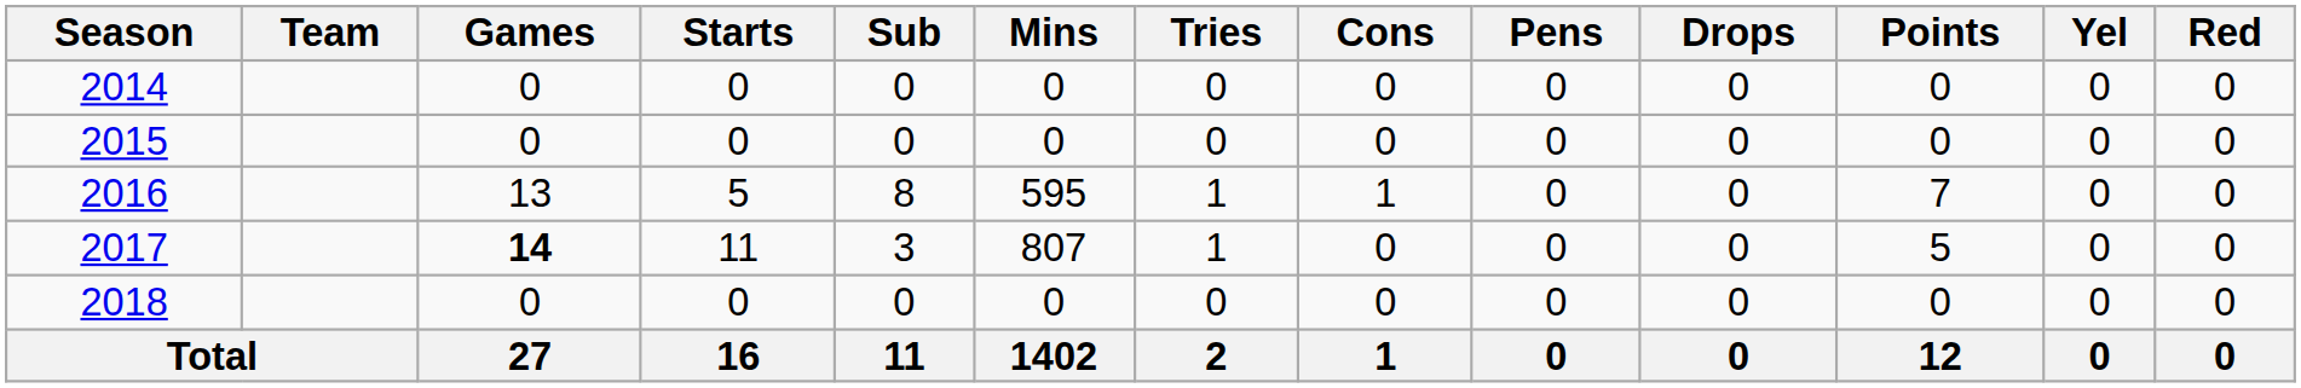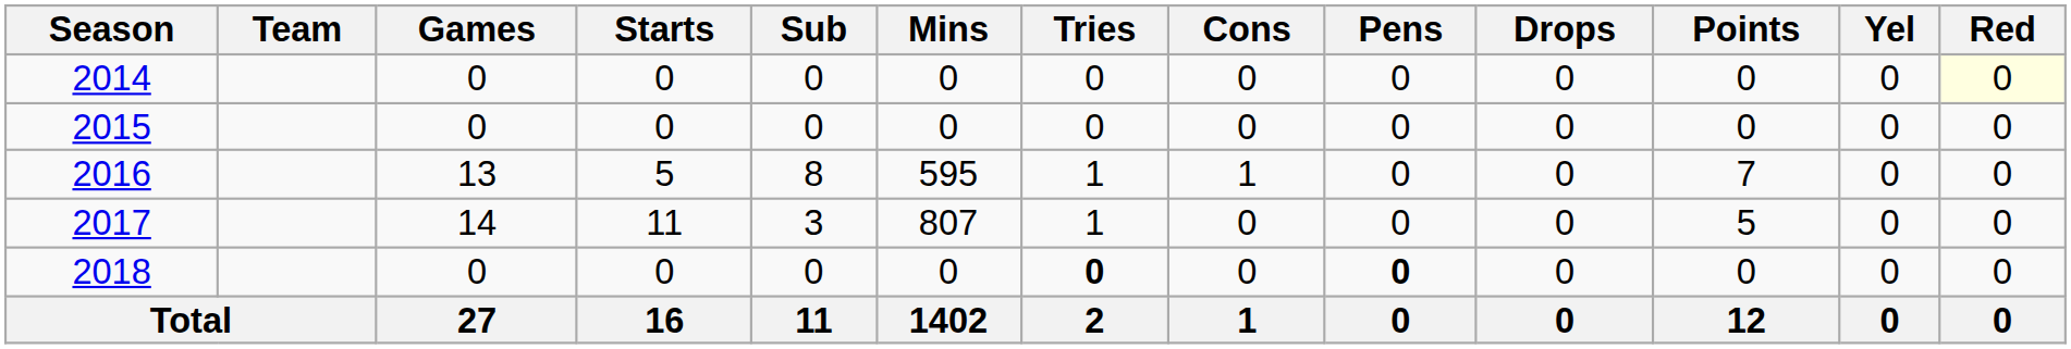 <table class="wikitable" style="text-align:center; line-height:90%; font-size:95%; width:70%;">
 <tr>
 <th>Season</th>
 <th>Team</th>
 <th>Games</th>
 <th>Starts</th>
 <th>Sub</th>
 <th>Mins</th>
 <th>Tries</th>
 <th>Cons</th>
 <th>Pens</th>
 <th>Drops</th>
 <th>Points</th>
 <th>Yel</th>
 <th>Red</th>
 </tr>
 <tr>
 <td><a href='#'>2014</a></td>
 <td></td>
 <td>0</td>
 <td>0</td>
 <td>0</td>
 <td>0</td>
 <td>0</td>
 <td>0</td>
 <td>0</td>
 <td>0</td>
 <td>0</td>
 <td>0</td>
-<td>0</td>
+<td style="background: lightyellow;">0</td>
 </tr>
 <tr>
 <td><a href='#'>2015</a></td>
 <td></td>
 <td>0</td>
 <td>0</td>
 <td>0</td>
 <td>0</td>
 <td>0</td>
 <td>0</td>
 <td>0</td>
 <td>0</td>
 <td>0</td>
 <td>0</td>
 <td>0</td>
 </tr>
 <tr>
 <td><a href='#'>2016</a></td>
 <td></td>
 <td>13</td>
 <td>5</td>
 <td>8</td>
 <td>595</td>
 <td>1</td>
 <td>1</td>
 <td>0</td>
 <td>0</td>
 <td>7</td>
 <td>0</td>
 <td>0</td>
 </tr>
 <tr>
 <td><a href='#'>2017</a></td>
 <td></td>
-<td><strong>14</strong></td>
+<td>14</td>
 <td>11</td>
 <td>3</td>
 <td>807</td>
 <td>1</td>
 <td>0</td>
 <td>0</td>
 <td>0</td>
 <td>5</td>
 <td>0</td>
 <td>0</td>
 </tr>
 <tr>
 <td><a href='#'>2018</a></td>
 <td></td>
 <td>0</td>
 <td>0</td>
 <td>0</td>
 <td>0</td>
+<td><strong>0</strong></td>
 <td>0</td>
-<td>0</td>
-<td>0</td>
+<td><strong>0</strong></td>
 <td>0</td>
 <td>0</td>
 <td>0</td>
 <td>0</td>
 </tr>
 <tr>
 <th colspan="2">Total</th>
 <th>27</th>
 <th>16</th>
 <th>11</th>
 <th>1402</th>
 <th>2</th>
 <th>1</th>
 <th>0</th>
 <th>0</th>
 <th>12</th>
 <th>0</th>
 <th>0</th>
 </tr>
 </table>
